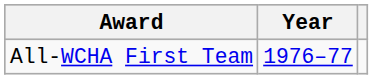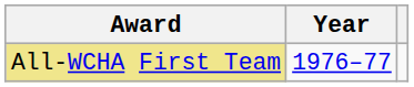 <table class="wikitable">
 <tr>
 <th>Award</th>
 <th>Year</th>
 <th></th>
 </tr>
 <tr>
-<td>All-<a href='#'>WCHA</a> <a href='#'>First Team</a></td>
+<td style="background: khaki;">All-<a href='#'>WCHA</a> <a href='#'>First Team</a></td>
 <td><a href='#'>1976–77</a></td>
 <td></td>
 </tr>
 </table>
